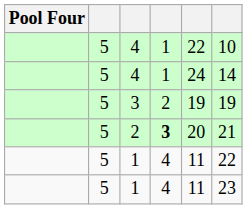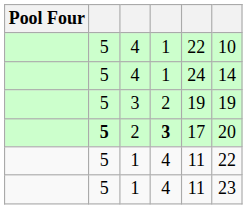 <table class="wikitable" style="text-align:center;">
 <tr>
 <th>Pool Four</th>
 <th width="20"></th>
 <th width="20"></th>
 <th width="20"></th>
 <th width="20"></th>
 <th width="20"></th>
 </tr>
 <tr bgcolor=ccffcc>
 <td align="left"></td>
 <td>5</td>
 <td>4</td>
 <td>1</td>
 <td>22</td>
 <td>10</td>
 </tr>
 <tr bgcolor=#ccffcc>
 <td align="left"></td>
 <td>5</td>
 <td>4</td>
 <td>1</td>
 <td>24</td>
 <td>14</td>
 </tr>
 <tr bgcolor=ccffcc>
 <td align="left"></td>
 <td>5</td>
 <td>3</td>
 <td>2</td>
 <td>19</td>
 <td>19</td>
 </tr>
 <tr bgcolor=ccffcc>
 <td align="left"></td>
-<td>5</td>
+<td><strong>5</strong></td>
 <td>2</td>
 <td><strong>3</strong></td>
+<td>17</td>
 <td>20</td>
-<td>21</td>
 </tr>
 <tr>
 <td align="left"></td>
 <td>5</td>
 <td>1</td>
 <td>4</td>
 <td>11</td>
 <td>22</td>
 </tr>
 <tr>
 <td align="left"></td>
 <td>5</td>
 <td>1</td>
 <td>4</td>
 <td>11</td>
 <td>23</td>
 </tr>
 </table>
